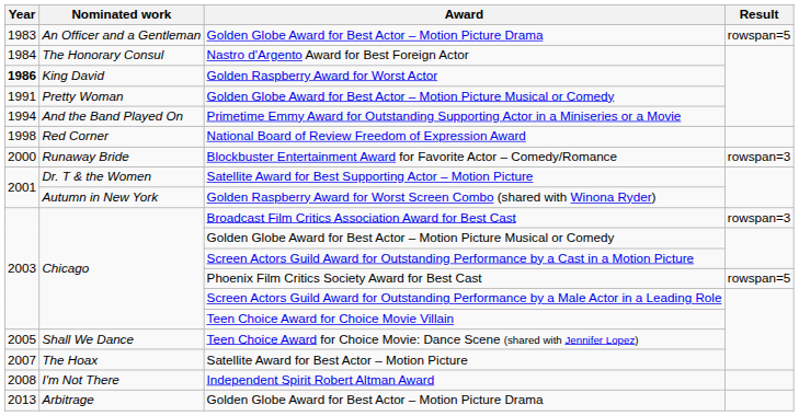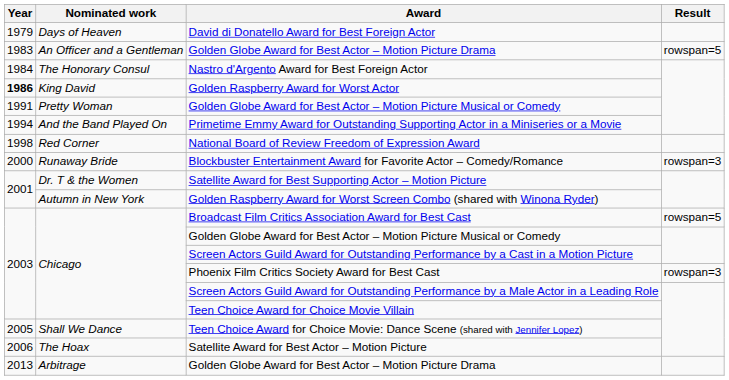 <table class="wikitable sortable">
 <tr>
 <th>Year</th>
 <th>Nominated work</th>
 <th>Award</th>
 <th>Result</th>
+</tr>
+<tr>
+<td>1979</td>
+<td><em>Days of Heaven</em></td>
+<td><a href='#'>David di Donatello Award for Best Foreign Actor</a></td>
+<td></td>
 </tr>
 <tr>
 <td>1983</td>
 <td><em>An Officer and a Gentleman</em></td>
 <td><a href='#'>Golden Globe Award for Best Actor – Motion Picture Drama</a></td>
 <td>rowspan=5 </td>
 </tr>
 <tr>
 <td>1984</td>
 <td><em>The Honorary Consul</em></td>
 <td><a href='#'>Nastro d'Argento</a> Award for Best Foreign Actor</td>
 </tr>
 <tr>
 <td><strong>1986</strong></td>
 <td><em>King David</em></td>
 <td><a href='#'>Golden Raspberry Award for Worst Actor</a></td>
 </tr>
 <tr>
 <td>1991</td>
 <td><em>Pretty Woman</em></td>
 <td><a href='#'>Golden Globe Award for Best Actor – Motion Picture Musical or Comedy</a></td>
 </tr>
 <tr>
 <td>1994</td>
 <td><em>And the Band Played On</em></td>
 <td><a href='#'>Primetime Emmy Award for Outstanding Supporting Actor in a Miniseries or a Movie</a></td>
 </tr>
 <tr>
 <td>1998</td>
 <td><em>Red Corner</em></td>
 <td><a href='#'>National Board of Review Freedom of Expression Award</a></td>
 <td></td>
 </tr>
 <tr>
 <td>2000</td>
 <td><em>Runaway Bride</em></td>
 <td><a href='#'>Blockbuster Entertainment Award</a> for Favorite Actor – Comedy/Romance</td>
 <td>rowspan=3 </td>
 </tr>
 <tr>
 <td rowspan=2>2001</td>
 <td><em>Dr. T & the Women</em></td>
 <td><a href='#'>Satellite Award for Best Supporting Actor – Motion Picture</a></td>
 </tr>
 <tr>
 <td><em>Autumn in New York</em></td>
 <td><a href='#'>Golden Raspberry Award for Worst Screen Combo</a> (shared with <a href='#'>Winona Ryder</a>)</td>
 </tr>
 <tr>
 <td rowspan=6>2003</td>
 <td rowspan=6><em>Chicago</em></td>
 <td><a href='#'>Broadcast Film Critics Association Award for Best Cast</a></td>
-<td>rowspan=3 </td>
+<td>rowspan=5 </td>
 </tr>
 <tr>
 <td>Golden Globe Award for Best Actor – Motion Picture Musical or Comedy</td>
 </tr>
 <tr>
 <td><a href='#'>Screen Actors Guild Award for Outstanding Performance by a Cast in a Motion Picture</a></td>
 </tr>
 <tr>
 <td>Phoenix Film Critics Society Award for Best Cast</td>
-<td>rowspan=5 </td>
+<td>rowspan=3 </td>
 </tr>
 <tr>
 <td><a href='#'>Screen Actors Guild Award for Outstanding Performance by a Male Actor in a Leading Role</a></td>
 </tr>
 <tr>
 <td><a href='#'>Teen Choice Award for Choice Movie Villain</a></td>
 </tr>
 <tr>
 <td>2005</td>
 <td><em>Shall We Dance</em></td>
 <td><a href='#'>Teen Choice Award</a> for Choice Movie: Dance Scene <small>(shared with <a href='#'>Jennifer Lopez</a>)</small></td>
 </tr>
 <tr>
-<td>2007</td>
+<td>2006</td>
 <td><em>The Hoax</em></td>
 <td>Satellite Award for Best Actor – Motion Picture</td>
-</tr>
-<tr>
-<td>2008</td>
-<td><em>I'm Not There</em></td>
-<td><a href='#'>Independent Spirit Robert Altman Award</a></td>
-<td></td>
 </tr>
 <tr>
 <td>2013</td>
 <td><em>Arbitrage</em></td>
 <td>Golden Globe Award for Best Actor – Motion Picture Drama</td>
 <td></td>
 </tr>
 </table>
